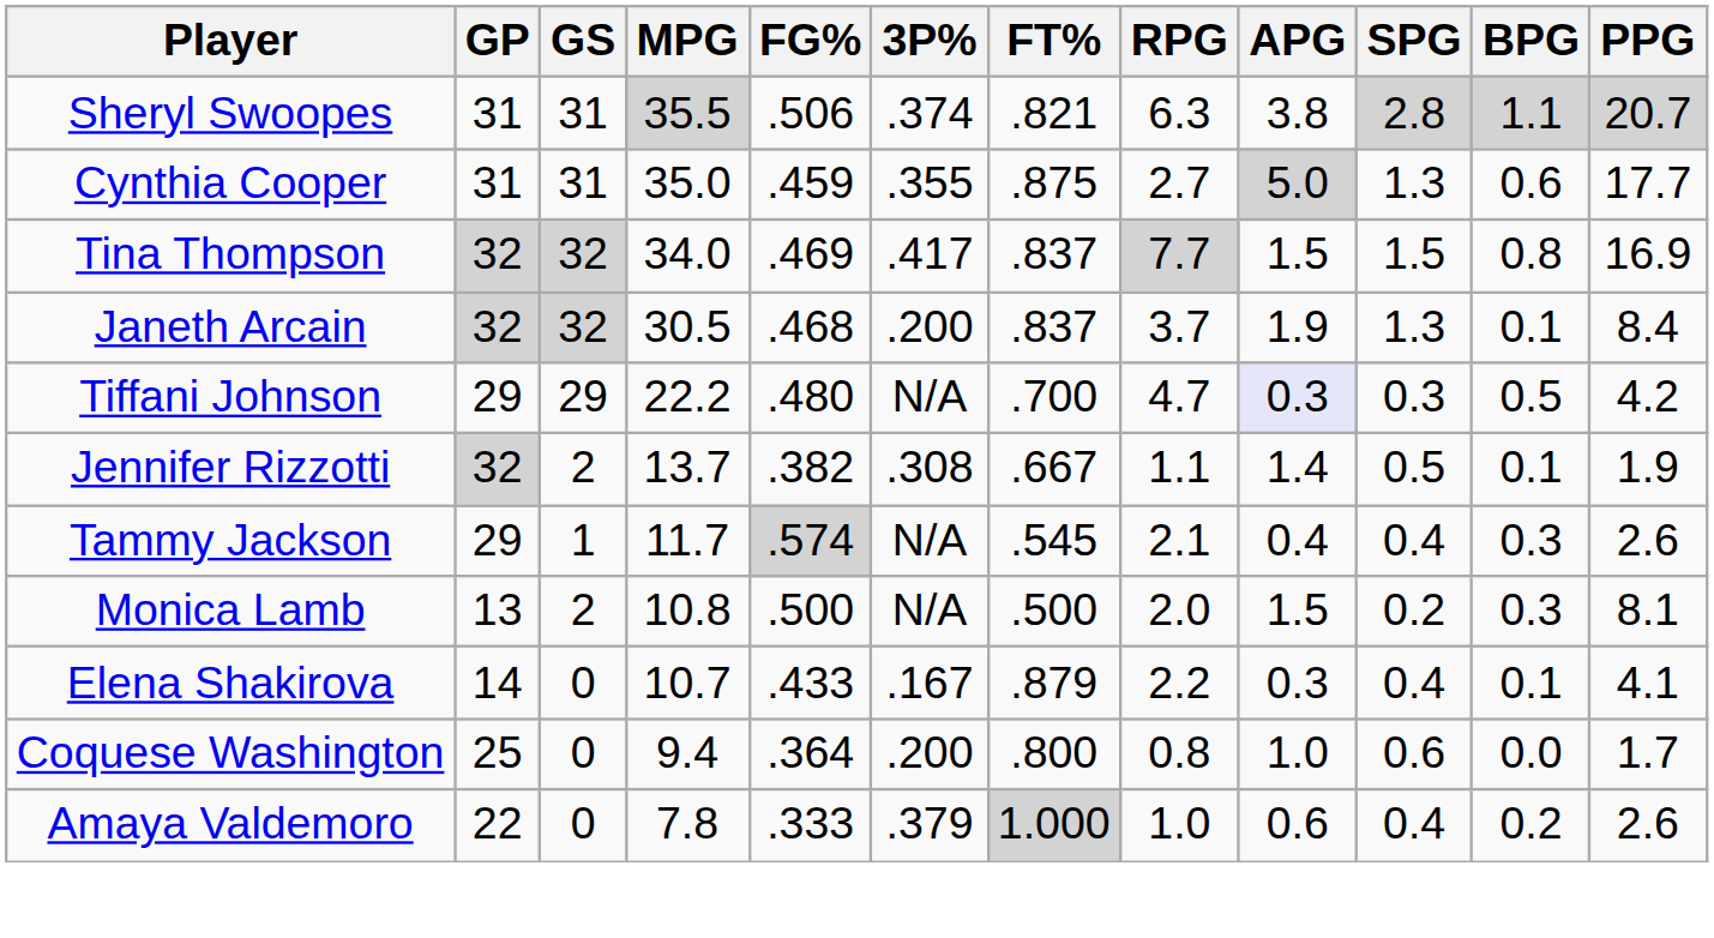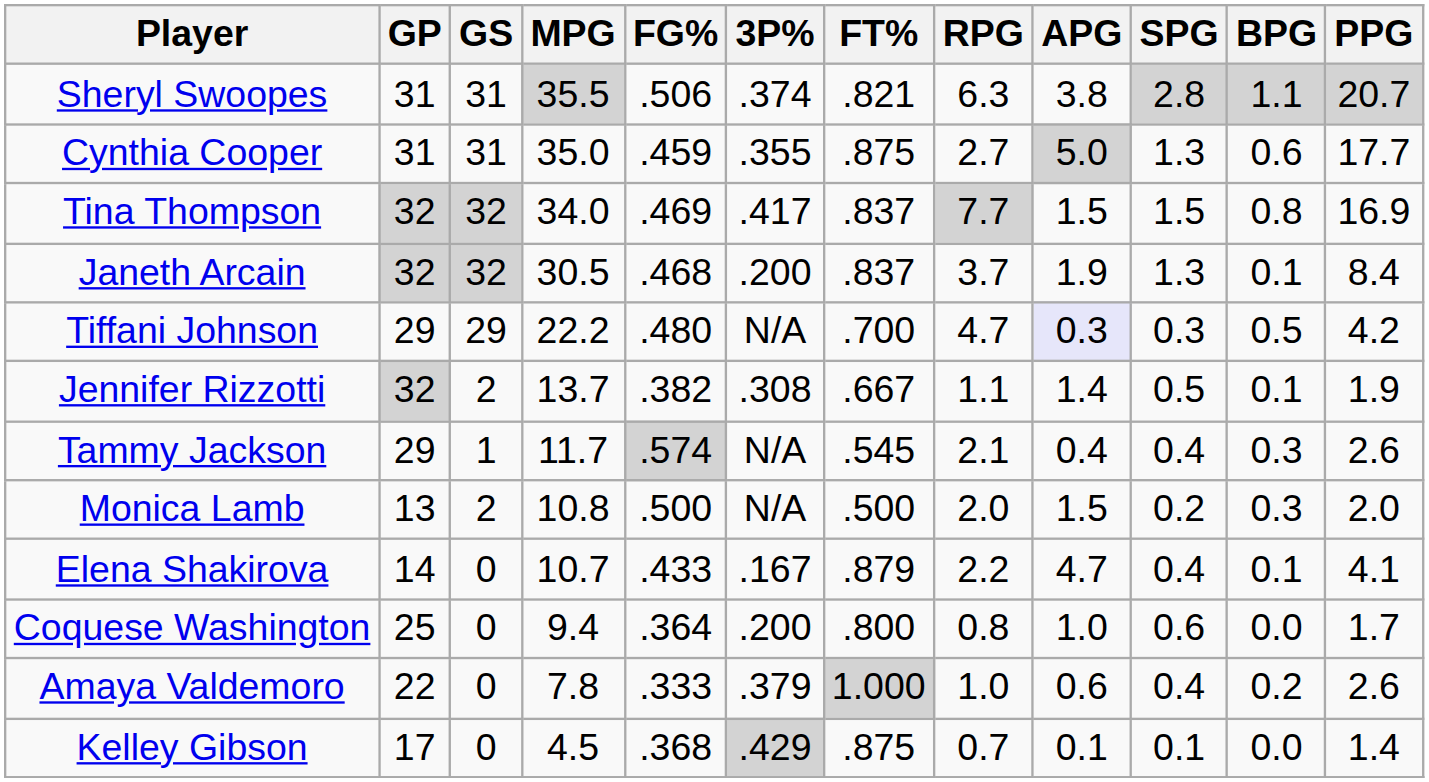 <table class="wikitable sortable" style="text-align:center;">
 <tr>
 <th>Player</th>
 <th>GP</th>
 <th>GS</th>
 <th>MPG</th>
 <th>FG%</th>
 <th>3P%</th>
 <th>FT%</th>
 <th>RPG</th>
 <th>APG</th>
 <th>SPG</th>
 <th>BPG</th>
 <th>PPG</th>
 </tr>
 <tr>
 <td><a href='#'>Sheryl Swoopes</a></td>
 <td>31</td>
 <td>31</td>
 <td style="background:#D3D3D3;">35.5</td>
 <td>.506</td>
 <td>.374</td>
 <td>.821</td>
 <td>6.3</td>
 <td>3.8</td>
 <td style="background:#D3D3D3;">2.8</td>
 <td style="background:#D3D3D3;">1.1</td>
 <td style="background:#D3D3D3;">20.7</td>
 </tr>
 <tr>
 <td><a href='#'>Cynthia Cooper</a></td>
 <td>31</td>
 <td>31</td>
 <td>35.0</td>
 <td>.459</td>
 <td>.355</td>
 <td>.875</td>
 <td>2.7</td>
 <td style="background:#D3D3D3;">5.0</td>
 <td>1.3</td>
 <td>0.6</td>
 <td>17.7</td>
 </tr>
 <tr>
 <td><a href='#'>Tina Thompson</a></td>
 <td style="background:#D3D3D3;">32</td>
 <td style="background:#D3D3D3;">32</td>
 <td>34.0</td>
 <td>.469</td>
 <td>.417</td>
 <td>.837</td>
 <td style="background:#D3D3D3;">7.7</td>
 <td>1.5</td>
 <td>1.5</td>
 <td>0.8</td>
 <td>16.9</td>
 </tr>
 <tr>
 <td><a href='#'>Janeth Arcain</a></td>
 <td style="background:#D3D3D3;">32</td>
 <td style="background:#D3D3D3;">32</td>
 <td>30.5</td>
 <td>.468</td>
 <td>.200</td>
 <td>.837</td>
 <td>3.7</td>
 <td>1.9</td>
 <td>1.3</td>
 <td>0.1</td>
 <td>8.4</td>
 </tr>
 <tr>
 <td><a href='#'>Tiffani Johnson</a></td>
 <td>29</td>
 <td>29</td>
 <td>22.2</td>
 <td>.480</td>
 <td>N/A</td>
 <td>.700</td>
 <td>4.7</td>
 <td style="background: lavender;">0.3</td>
 <td>0.3</td>
 <td>0.5</td>
 <td>4.2</td>
 </tr>
 <tr>
 <td><a href='#'>Jennifer Rizzotti</a></td>
 <td style="background:#D3D3D3;">32</td>
 <td>2</td>
 <td>13.7</td>
 <td>.382</td>
 <td>.308</td>
 <td>.667</td>
 <td>1.1</td>
 <td>1.4</td>
 <td>0.5</td>
 <td>0.1</td>
 <td>1.9</td>
 </tr>
 <tr>
 <td><a href='#'>Tammy Jackson</a></td>
 <td>29</td>
 <td>1</td>
 <td>11.7</td>
 <td style="background:#D3D3D3;">.574</td>
 <td>N/A</td>
 <td>.545</td>
 <td>2.1</td>
 <td>0.4</td>
 <td>0.4</td>
 <td>0.3</td>
 <td>2.6</td>
 </tr>
 <tr>
 <td><a href='#'>Monica Lamb</a></td>
 <td>13</td>
 <td>2</td>
 <td>10.8</td>
 <td>.500</td>
 <td>N/A</td>
 <td>.500</td>
 <td>2.0</td>
 <td>1.5</td>
 <td>0.2</td>
 <td>0.3</td>
-<td>8.1</td>
+<td>2.0</td>
 </tr>
 <tr>
 <td><a href='#'>Elena Shakirova</a></td>
 <td>14</td>
 <td>0</td>
 <td>10.7</td>
 <td>.433</td>
 <td>.167</td>
 <td>.879</td>
 <td>2.2</td>
-<td>0.3</td>
+<td>4.7</td>
 <td>0.4</td>
 <td>0.1</td>
 <td>4.1</td>
 </tr>
 <tr>
 <td><a href='#'>Coquese Washington</a></td>
 <td>25</td>
 <td>0</td>
 <td>9.4</td>
 <td>.364</td>
 <td>.200</td>
 <td>.800</td>
 <td>0.8</td>
 <td>1.0</td>
 <td>0.6</td>
 <td>0.0</td>
 <td>1.7</td>
 </tr>
 <tr>
 <td><a href='#'>Amaya Valdemoro</a></td>
 <td>22</td>
 <td>0</td>
 <td>7.8</td>
 <td>.333</td>
 <td>.379</td>
 <td style="background:#D3D3D3;">1.000</td>
 <td>1.0</td>
 <td>0.6</td>
 <td>0.4</td>
 <td>0.2</td>
 <td>2.6</td>
 </tr>
 <tr>
+<td><a href='#'>Kelley Gibson</a></td>
+<td>17</td>
+<td>0</td>
+<td>4.5</td>
+<td>.368</td>
+<td style="background:#D3D3D3;">.429</td>
+<td>.875</td>
+<td>0.7</td>
+<td>0.1</td>
+<td>0.1</td>
+<td>0.0</td>
+<td>1.4</td>
+</tr>
+<tr>
 </tr>
 </table>
